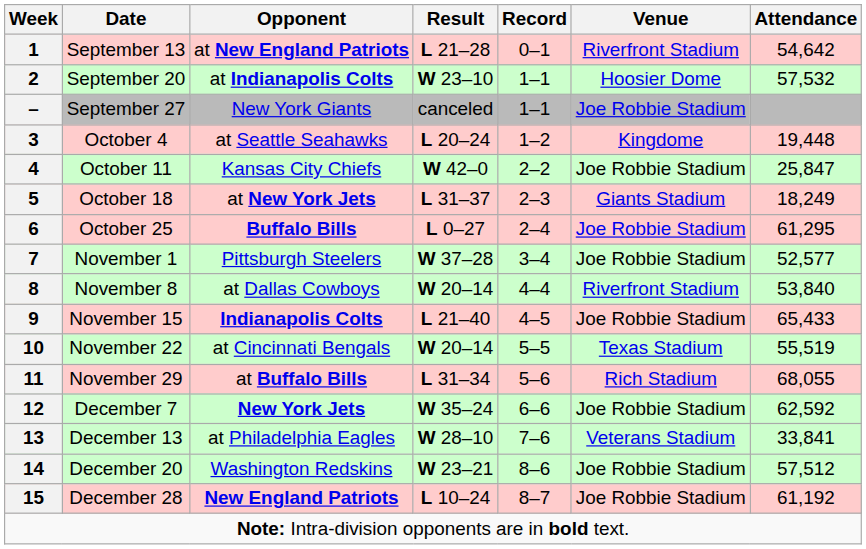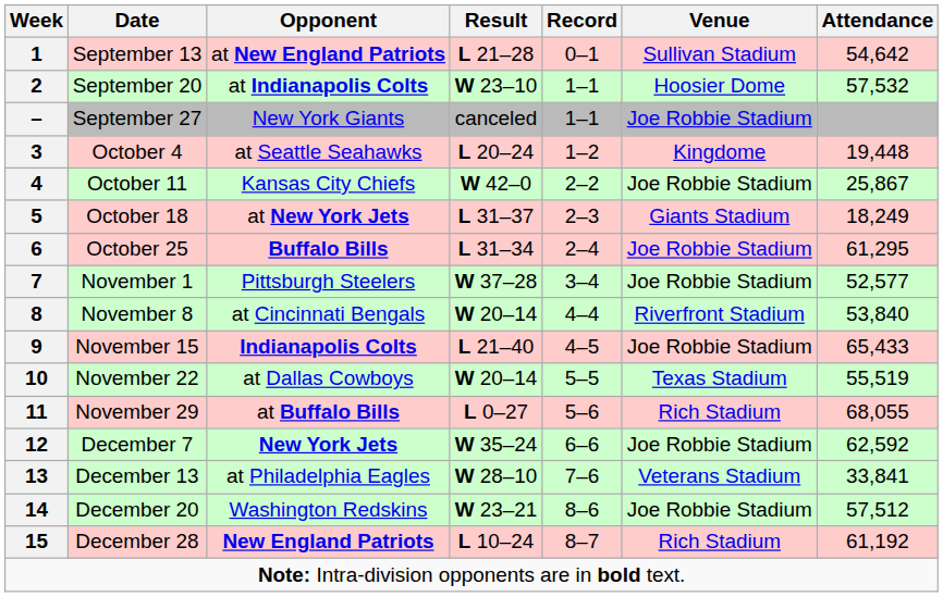 <table class="wikitable" style="text-align:center">
 <tr>
 <th>Week</th>
 <th>Date</th>
 <th>Opponent</th>
 <th>Result</th>
 <th>Record</th>
 <th>Venue</th>
 <th>Attendance</th>
 </tr>
 <tr style="background:#fcc">
 <th>1</th>
 <td>September 13</td>
 <td>at <strong><a href='#'>New England Patriots</a></strong></td>
 <td><strong>L</strong> 21–28</td>
 <td>0–1</td>
-<td><a href='#'>Riverfront Stadium</a></td>
+<td><a href='#'>Sullivan Stadium</a></td>
 <td>54,642</td>
 </tr>
 <tr style="background:#cfc">
 <th>2</th>
 <td>September 20</td>
 <td>at <strong><a href='#'>Indianapolis Colts</a></strong></td>
 <td><strong>W</strong> 23–10</td>
 <td>1–1</td>
 <td><a href='#'>Hoosier Dome</a></td>
 <td>57,532</td>
 </tr>
 <tr style="background:#bababa">
 <th>–</th>
 <td>September 27</td>
 <td><a href='#'>New York Giants</a></td>
 <td>canceled</td>
 <td>1–1</td>
 <td><a href='#'>Joe Robbie Stadium</a></td>
 <td></td>
 </tr>
 <tr style="background:#fcc">
 <th>3</th>
 <td>October 4</td>
 <td>at <a href='#'>Seattle Seahawks</a></td>
 <td><strong>L</strong> 20–24</td>
 <td>1–2</td>
 <td><a href='#'>Kingdome</a></td>
 <td>19,448</td>
 </tr>
 <tr style="background:#cfc">
 <th>4</th>
 <td>October 11</td>
 <td><a href='#'>Kansas City Chiefs</a></td>
 <td><strong>W</strong> 42–0</td>
 <td>2–2</td>
 <td>Joe Robbie Stadium</td>
-<td>25,847</td>
+<td>25,867</td>
 </tr>
 <tr style="background:#fcc">
 <th>5</th>
 <td>October 18</td>
 <td>at <strong><a href='#'>New York Jets</a></strong></td>
 <td><strong>L</strong> 31–37 </td>
 <td>2–3</td>
 <td><a href='#'>Giants Stadium</a></td>
 <td>18,249</td>
 </tr>
 <tr style="background:#fcc">
 <th>6</th>
 <td>October 25</td>
 <td><strong><a href='#'>Buffalo Bills</a></strong></td>
-<td><strong>L</strong> 0–27</td>
+<td><strong>L</strong> 31–34 </td>
 <td>2–4</td>
 <td><a href='#'>Joe Robbie Stadium</a></td>
 <td>61,295</td>
 </tr>
 <tr style="background:#cfc">
 <th>7</th>
 <td>November 1</td>
 <td><a href='#'>Pittsburgh Steelers</a></td>
 <td><strong>W</strong> 37–28</td>
 <td>3–4</td>
 <td>Joe Robbie Stadium</td>
 <td>52,577</td>
 </tr>
 <tr style="background:#cfc">
 <th>8</th>
 <td>November 8</td>
-<td>at <a href='#'>Dallas Cowboys</a></td>
+<td>at <a href='#'>Cincinnati Bengals</a></td>
 <td><strong>W</strong> 20–14</td>
 <td>4–4</td>
 <td><a href='#'>Riverfront Stadium</a></td>
 <td>53,840</td>
 </tr>
 <tr style="background:#fcc">
 <th>9</th>
 <td>November 15</td>
 <td><strong><a href='#'>Indianapolis Colts</a></strong></td>
 <td><strong>L</strong> 21–40</td>
 <td>4–5</td>
 <td>Joe Robbie Stadium</td>
 <td>65,433</td>
 </tr>
 <tr style="background:#cfc">
 <th>10</th>
 <td>November 22</td>
-<td>at <a href='#'>Cincinnati Bengals</a></td>
+<td>at <a href='#'>Dallas Cowboys</a></td>
 <td><strong>W</strong> 20–14</td>
 <td>5–5</td>
 <td><a href='#'>Texas Stadium</a></td>
 <td>55,519</td>
 </tr>
 <tr style="background:#fcc">
 <th>11</th>
 <td>November 29</td>
 <td>at <strong><a href='#'>Buffalo Bills</a></strong></td>
-<td><strong>L</strong> 31–34 </td>
+<td><strong>L</strong> 0–27</td>
 <td>5–6</td>
 <td><a href='#'>Rich Stadium</a></td>
 <td>68,055</td>
 </tr>
 <tr style="background:#cfc">
 <th>12</th>
 <td>December 7</td>
 <td><strong><a href='#'>New York Jets</a></strong></td>
 <td><strong>W</strong> 35–24</td>
 <td>6–6</td>
 <td>Joe Robbie Stadium</td>
 <td>62,592</td>
 </tr>
 <tr style="background:#cfc">
 <th>13</th>
 <td>December 13</td>
 <td>at <a href='#'>Philadelphia Eagles</a></td>
 <td><strong>W</strong> 28–10</td>
 <td>7–6</td>
 <td><a href='#'>Veterans Stadium</a></td>
 <td>33,841</td>
 </tr>
 <tr style="background:#cfc">
 <th>14</th>
 <td>December 20</td>
 <td><a href='#'>Washington Redskins</a></td>
 <td><strong>W</strong> 23–21</td>
 <td>8–6</td>
 <td>Joe Robbie Stadium</td>
 <td>57,512</td>
 </tr>
 <tr style="background:#fcc">
 <th>15</th>
 <td>December 28</td>
 <td><strong><a href='#'>New England Patriots</a></strong></td>
 <td><strong>L</strong> 10–24</td>
 <td>8–7</td>
-<td>Joe Robbie Stadium</td>
+<td><a href='#'>Rich Stadium</a></td>
 <td>61,192</td>
 </tr>
 <tr>
 <td colspan="8"><strong>Note:</strong> Intra-division opponents are in <strong>bold</strong> text.</td>
 </tr>
 </table>
